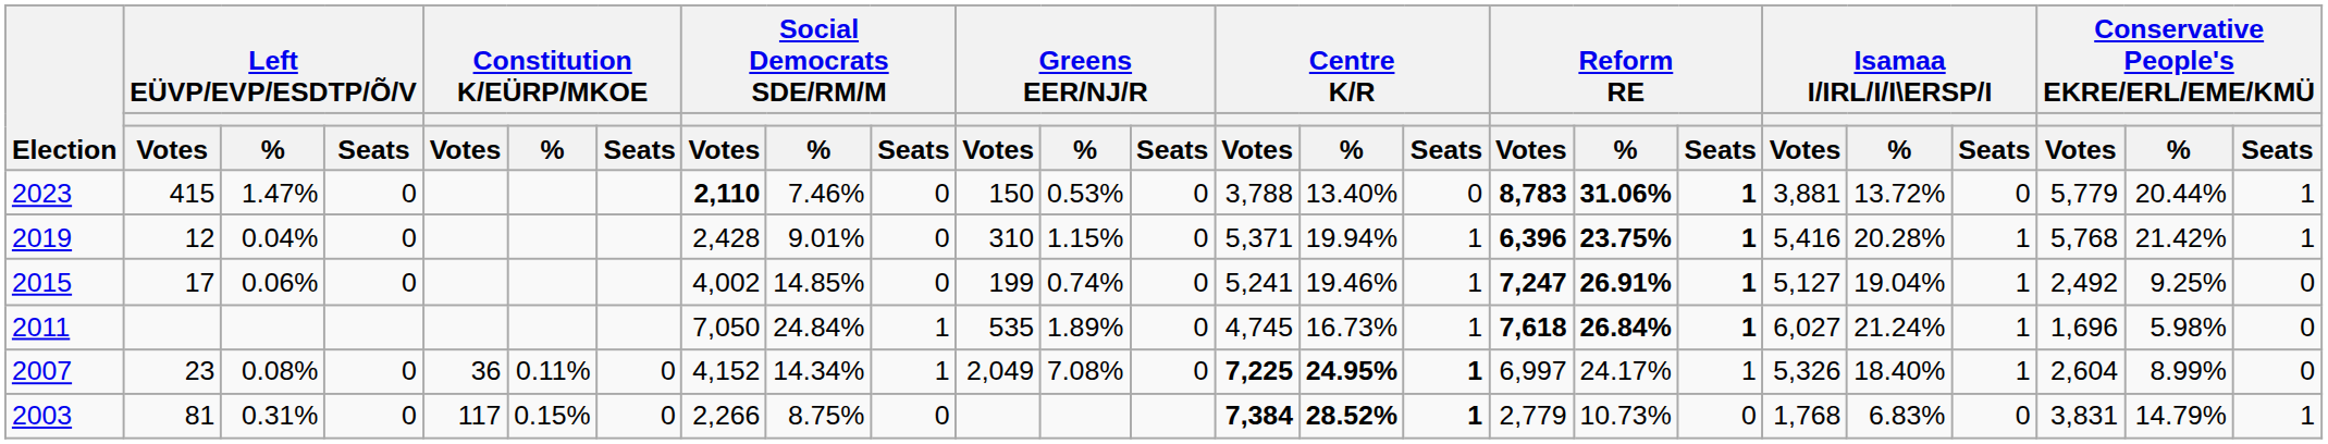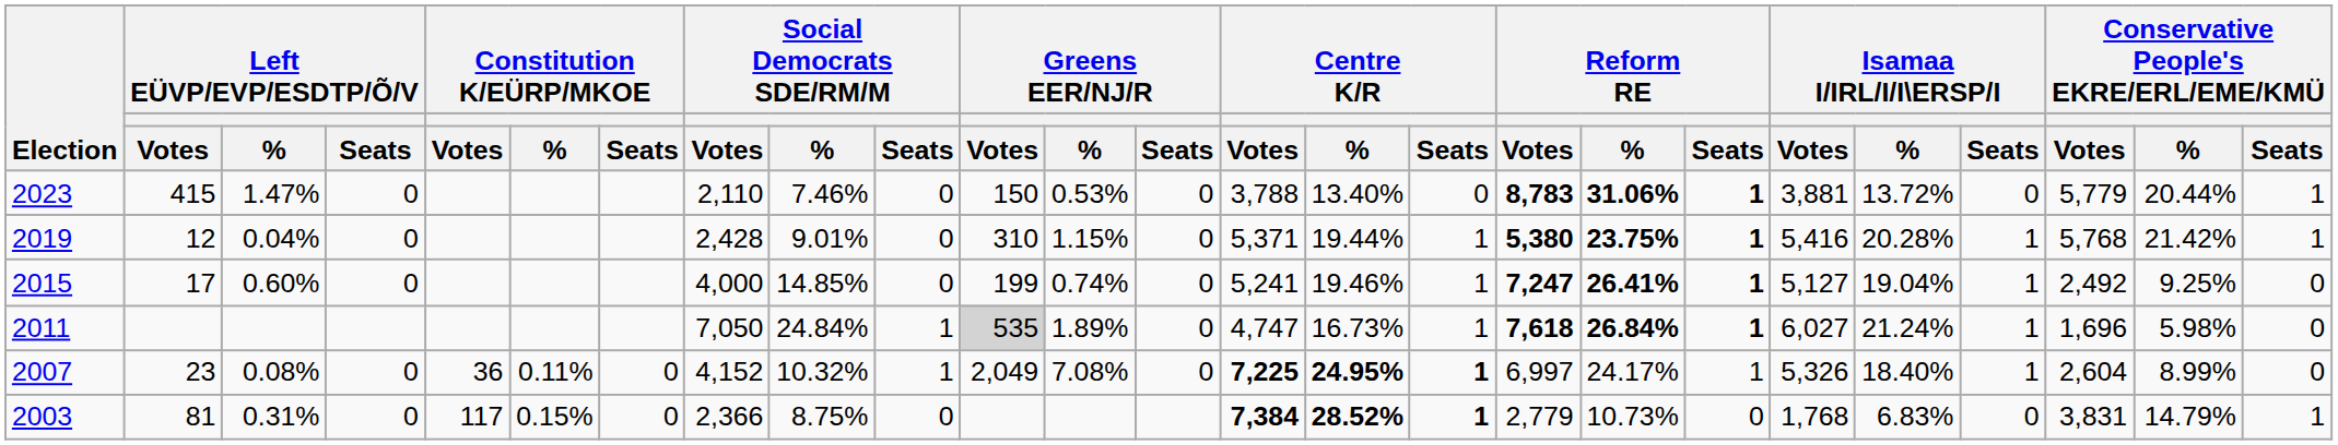 <table class="wikitable" border="1" style="font-size:80%; text-align:right;">
 <tr>
 <th style="text-align:left;" valign=bottom rowspan=3>Election</th>
 <th valign=bottom colspan=3><a href='#'>Left</a><br>EÜVP/EVP/ESDTP/Õ/V</th>
 <th valign=bottom colspan=3><a href='#'>Constitution</a><br>K/EÜRP/MKOE</th>
 <th valign=bottom colspan=3><a href='#'>Social<br>Democrats</a><br>SDE/RM/M</th>
 <th valign=bottom colspan=3><a href='#'>Greens</a><br>EER/NJ/R</th>
 <th valign=bottom colspan=3><a href='#'>Centre</a><br>K/R</th>
 <th valign=bottom colspan=3><a href='#'>Reform</a><br>RE</th>
 <th valign=bottom colspan=3><a href='#'>Isamaa</a><br>I/IRL/I/I\ERSP/I</th>
 <th valign=bottom colspan=3><a href='#'>Conservative<br>People's</a><br>EKRE/ERL/EME/KMÜ</th>
 </tr>
 <tr>
 <th colspan=3 style="background:"></th>
 <th colspan=3 style="background:"></th>
 <th colspan=3 style="background:"></th>
 <th colspan=3 style="background:"></th>
 <th colspan=3 style="background:"></th>
 <th colspan=3 style="background:"></th>
 <th colspan=3 style="background:"></th>
 <th colspan=3 style="background:"></th>
 </tr>
 <tr>
 <th>Votes</th>
 <th>%</th>
 <th>Seats</th>
 <th>Votes</th>
 <th>%</th>
 <th>Seats</th>
 <th>Votes</th>
 <th>%</th>
 <th>Seats</th>
 <th>Votes</th>
 <th>%</th>
 <th>Seats</th>
 <th>Votes</th>
 <th>%</th>
 <th>Seats</th>
 <th>Votes</th>
 <th>%</th>
 <th>Seats</th>
 <th>Votes</th>
 <th>%</th>
 <th>Seats</th>
 <th>Votes</th>
 <th>%</th>
 <th>Seats</th>
 </tr>
 <tr>
 <td align=left><a href='#'>2023</a></td>
 <td>415</td>
 <td>1.47%</td>
 <td>0</td>
 <td></td>
 <td></td>
 <td></td>
-<td><strong>2,110</strong></td>
+<td>2,110</td>
 <td>7.46%</td>
 <td>0</td>
 <td>150</td>
 <td>0.53%</td>
 <td>0</td>
 <td>3,788</td>
 <td>13.40%</td>
 <td>0</td>
 <td><strong>8,783</strong></td>
 <td><strong>31.06%</strong></td>
 <td><strong>1</strong></td>
 <td>3,881</td>
 <td>13.72%</td>
 <td>0</td>
 <td>5,779</td>
 <td>20.44%</td>
 <td>1</td>
 </tr>
 <tr>
 <td align=left><a href='#'>2019</a></td>
 <td>12</td>
 <td>0.04%</td>
 <td>0</td>
 <td></td>
 <td></td>
 <td></td>
 <td>2,428</td>
 <td>9.01%</td>
 <td>0</td>
 <td>310</td>
 <td>1.15%</td>
 <td>0</td>
 <td>5,371</td>
-<td>19.94%</td>
+<td>19.44%</td>
 <td>1</td>
-<td><strong>6,396</strong></td>
+<td><strong>5,380</strong></td>
 <td><strong>23.75%</strong></td>
 <td><strong>1</strong></td>
 <td>5,416</td>
 <td>20.28%</td>
 <td>1</td>
 <td>5,768</td>
 <td>21.42%</td>
 <td>1</td>
 </tr>
 <tr>
 <td align=left><a href='#'>2015</a></td>
 <td>17</td>
-<td>0.06%</td>
+<td>0.60%</td>
 <td>0</td>
 <td></td>
 <td></td>
 <td></td>
-<td>4,002</td>
+<td>4,000</td>
 <td>14.85%</td>
 <td>0</td>
 <td>199</td>
 <td>0.74%</td>
 <td>0</td>
 <td>5,241</td>
 <td>19.46%</td>
 <td>1</td>
 <td><strong>7,247</strong></td>
-<td><strong>26.91%</strong></td>
+<td><strong>26.41%</strong></td>
 <td><strong>1</strong></td>
 <td>5,127</td>
 <td>19.04%</td>
 <td>1</td>
 <td>2,492</td>
 <td>9.25%</td>
 <td>0</td>
 </tr>
 <tr>
 <td align=left><a href='#'>2011</a></td>
 <td></td>
 <td></td>
 <td></td>
 <td></td>
 <td></td>
 <td></td>
 <td>7,050</td>
 <td>24.84%</td>
 <td>1</td>
-<td>535</td>
+<td style="background: lightgrey;">535</td>
 <td>1.89%</td>
 <td>0</td>
-<td>4,745</td>
+<td>4,747</td>
 <td>16.73%</td>
 <td>1</td>
 <td><strong>7,618</strong></td>
 <td><strong>26.84%</strong></td>
 <td><strong>1</strong></td>
 <td>6,027</td>
 <td>21.24%</td>
 <td>1</td>
 <td>1,696</td>
 <td>5.98%</td>
 <td>0</td>
 </tr>
 <tr>
 <td align=left><a href='#'>2007</a></td>
 <td>23</td>
 <td>0.08%</td>
 <td>0</td>
 <td>36</td>
 <td>0.11%</td>
 <td>0</td>
 <td>4,152</td>
-<td>14.34%</td>
+<td>10.32%</td>
 <td>1</td>
 <td>2,049</td>
 <td>7.08%</td>
 <td>0</td>
 <td><strong>7,225</strong></td>
 <td><strong>24.95%</strong></td>
 <td><strong>1</strong></td>
 <td>6,997</td>
 <td>24.17%</td>
 <td>1</td>
 <td>5,326</td>
 <td>18.40%</td>
 <td>1</td>
 <td>2,604</td>
 <td>8.99%</td>
 <td>0</td>
 </tr>
 <tr>
 <td align=left><a href='#'>2003</a></td>
 <td>81</td>
 <td>0.31%</td>
 <td>0</td>
 <td>117</td>
 <td>0.15%</td>
 <td>0</td>
-<td>2,266</td>
+<td>2,366</td>
 <td>8.75%</td>
 <td>0</td>
 <td></td>
 <td></td>
 <td></td>
 <td><strong>7,384</strong></td>
 <td><strong>28.52%</strong></td>
 <td><strong>1</strong></td>
 <td>2,779</td>
 <td>10.73%</td>
 <td>0</td>
 <td>1,768</td>
 <td>6.83%</td>
 <td>0</td>
 <td>3,831</td>
 <td>14.79%</td>
 <td>1</td>
 </tr>
 </table>
